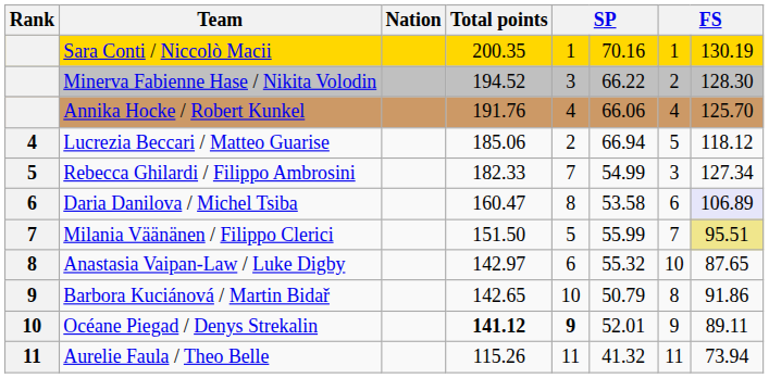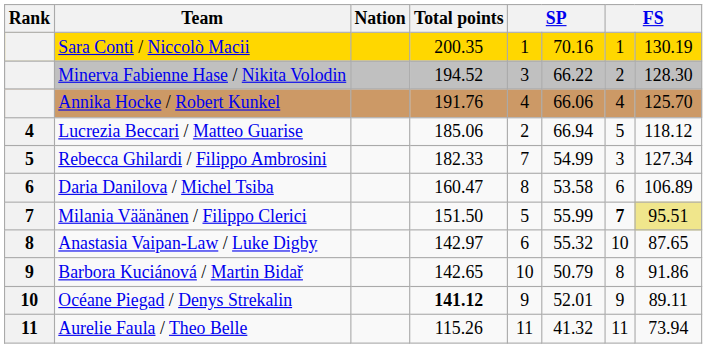 <table class="wikitable sortable" style="text-align:left">
 <tr>
 <th scope="col">Rank</th>
 <th scope="col">Team</th>
 <th scope="col">Nation</th>
 <th scope="col">Total points</th>
 <th scope="col" colspan="2" width="80px"><a href='#'>SP</a></th>
 <th scope="col" colspan="2" width="80px"><a href='#'>FS</a></th>
 </tr>
 <tr bgcolor="gold">
 <th scope="row"></th>
 <td><a href='#'>Sara Conti</a> / <a href='#'>Niccolò Macii</a></td>
 <td></td>
 <td align="center">200.35</td>
 <td align="center">1</td>
 <td align="center">70.16</td>
 <td align="center">1</td>
 <td align="center">130.19</td>
 </tr>
 <tr bgcolor="silver">
 <th scope="row"></th>
 <td><a href='#'>Minerva Fabienne Hase</a> / <a href='#'>Nikita Volodin</a></td>
 <td></td>
 <td align="center">194.52</td>
 <td align="center">3</td>
 <td align="center">66.22</td>
 <td align="center">2</td>
 <td align="center">128.30</td>
 </tr>
 <tr bgcolor="cc9966">
 <th scope="row"></th>
 <td><a href='#'>Annika Hocke</a> / <a href='#'>Robert Kunkel</a></td>
 <td></td>
 <td align="center">191.76</td>
 <td align="center">4</td>
 <td align="center">66.06</td>
 <td align="center">4</td>
 <td align="center">125.70</td>
 </tr>
 <tr>
 <th scope="row">4</th>
 <td><a href='#'>Lucrezia Beccari</a> / <a href='#'>Matteo Guarise</a></td>
 <td></td>
 <td align="center">185.06</td>
 <td align="center">2</td>
 <td align="center">66.94</td>
 <td align="center">5</td>
 <td align="center">118.12</td>
 </tr>
 <tr>
 <th scope="row">5</th>
 <td><a href='#'>Rebecca Ghilardi</a> / <a href='#'>Filippo Ambrosini</a></td>
 <td></td>
 <td align="center">182.33</td>
 <td align="center">7</td>
 <td align="center">54.99</td>
 <td align="center">3</td>
 <td align="center">127.34</td>
 </tr>
 <tr>
 <th scope="row">6</th>
 <td><a href='#'>Daria Danilova</a> / <a href='#'>Michel Tsiba</a></td>
 <td></td>
 <td align="center">160.47</td>
 <td align="center">8</td>
 <td align="center">53.58</td>
 <td align="center">6</td>
-<td align="center" style="background: lavender;">106.89</td>
+<td align="center">106.89</td>
 </tr>
 <tr>
 <th scope="row">7</th>
 <td><a href='#'>Milania Väänänen</a> / <a href='#'>Filippo Clerici</a></td>
 <td></td>
 <td align="center">151.50</td>
 <td align="center">5</td>
 <td align="center">55.99</td>
-<td align="center">7</td>
+<td align="center"><strong>7</strong></td>
 <td align="center" style="background: khaki;">95.51</td>
 </tr>
 <tr>
 <th scope="row">8</th>
 <td><a href='#'>Anastasia Vaipan-Law</a> / <a href='#'>Luke Digby</a></td>
 <td></td>
 <td align="center">142.97</td>
 <td align="center">6</td>
 <td align="center">55.32</td>
 <td align="center">10</td>
 <td align="center">87.65</td>
 </tr>
 <tr>
 <th scope="row">9</th>
 <td><a href='#'>Barbora Kuciánová</a> / <a href='#'>Martin Bidař</a></td>
 <td></td>
 <td align="center">142.65</td>
 <td align="center">10</td>
 <td align="center">50.79</td>
 <td align="center">8</td>
 <td align="center">91.86</td>
 </tr>
 <tr>
 <th scope="row">10</th>
 <td><a href='#'>Océane Piegad</a> / <a href='#'>Denys Strekalin</a></td>
 <td></td>
 <td align="center"><strong>141.12</strong></td>
-<td align="center"><strong>9</strong></td>
+<td align="center">9</td>
 <td align="center">52.01</td>
 <td align="center">9</td>
 <td align="center">89.11</td>
 </tr>
 <tr>
 <th scope="row">11</th>
 <td><a href='#'>Aurelie Faula</a> / <a href='#'>Theo Belle</a></td>
 <td></td>
 <td align="center">115.26</td>
 <td align="center">11</td>
 <td align="center">41.32</td>
 <td align="center">11</td>
 <td align="center">73.94</td>
 </tr>
 </table>
